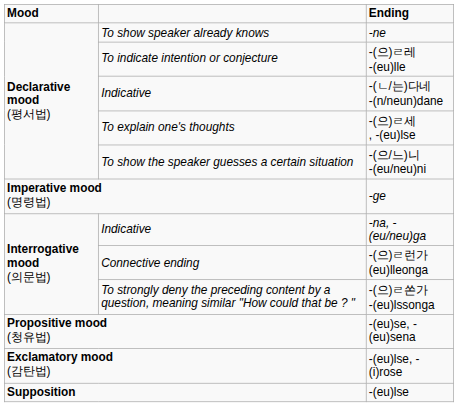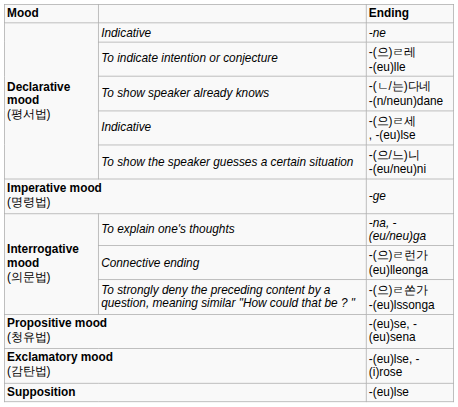 <table class="wikitable">
 <tr>
 <td><strong>Mood</strong></td>
 <td></td>
 <td><strong>Ending</strong></td>
 </tr>
 <tr>
 <td rowspan="5"><strong>Declarative mood</strong><br>(평서법)</td>
-<td><em>To show speaker already knows</em></td>
+<td><em>Indicative</em></td>
 <td><em>-ne</em></td>
 </tr>
 <tr>
 <td><em>To  indicate intention or conjecture</em></td>
 <td>-(으)ㄹ레<br>-(eu)lle</td>
 </tr>
 <tr>
-<td><em>Indicative</em></td>
+<td><em>To show speaker already knows</em></td>
 <td>-(ㄴ/는)다네<br>-(n/neun)dane</td>
 </tr>
 <tr>
-<td><em>To explain one's thoughts</em></td>
+<td><em>Indicative</em></td>
 <td>-(으)ㄹ세<br>, -(eu)lse</td>
 </tr>
 <tr>
 <td><em>To show the speaker guesses a certain situation</em></td>
 <td>-(으/느)니<br>-(eu/neu)ni</td>
 </tr>
 <tr>
 <td colspan="2"><strong>Imperative mood</strong><br>(명령법)</td>
 <td><em>-ge</em></td>
 </tr>
 <tr>
 <td rowspan="3"><strong>Interrogative mood</strong><br>(의문법)</td>
-<td><em>Indicative</em></td>
+<td><em>To explain one's thoughts</em></td>
 <td><em>-na, -(eu/neu)ga</em></td>
 </tr>
 <tr>
 <td><em>Connective ending</em></td>
 <td>-(으)ㄹ런가<br>(eu)lleonga</td>
 </tr>
 <tr>
 <td><em>To strongly deny the preceding content by a question, meaning similar "How could that be ? "</em></td>
 <td>-(으)ㄹ쏜가<br>-(eu)lssonga</td>
 </tr>
 <tr>
 <td colspan="2"><strong>Propositive mood</strong><br>(청유법)</td>
 <td>-(eu)se, -(eu)sena</td>
 </tr>
 <tr>
 <td colspan="2"><strong>Exclamatory mood</strong><br>(감탄법)</td>
 <td>-(eu)lse, -(i)rose</td>
 </tr>
 <tr>
 <td colspan="2"><strong>Supposition</strong></td>
 <td>-(eu)lse</td>
 </tr>
 </table>
